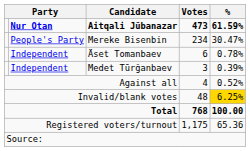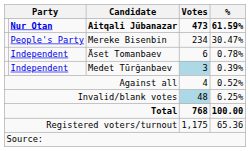 <table class="wikitable" style="text-align:right;">
 <tr>
 <th colspan="2">Party</th>
 <th scope="col">Candidate</th>
 <th scope="col">Votes</th>
 <th scope="col">%</th>
 </tr>
 <tr>
 <td style="background-color:"></td>
 <td rowspan="1" style="text-align:left;" scope="row"><strong><a href='#'>Nur Otan</a></strong></td>
 <td style="text-align: left;"><strong>Aitqali Jūbanazar</strong></td>
 <td><strong>473</strong></td>
 <td><strong>61.59%</strong></td>
 </tr>
 <tr>
 <td style="background-color:"></td>
 <td rowspan="1" style="text-align:left;" scope="row"><a href='#'>People's Party</a></td>
 <td style="text-align: left;">Mereke Bisenbin</td>
 <td>234</td>
 <td>30.47%</td>
 </tr>
 <tr>
 <td style="background-color:"></td>
 <td rowspan="1" style="text-align: left;" scope="row"><a href='#'>Independent</a></td>
 <td style="text-align: left;">Äset Tomanbaev</td>
 <td>6</td>
 <td>0.78%</td>
 </tr>
 <tr>
 <td style="background-color:"></td>
 <td rowspan="1" style="text-align: left;" scope="row"><a href='#'>Independent</a></td>
 <td style="text-align: left;">Medet Tūrğanbaev</td>
-<td>3</td>
+<td style="background: lightblue;">3</td>
 <td>0.39%</td>
 </tr>
 <tr>
 <td colspan="3">Against all</td>
 <td>4</td>
 <td>0.52%</td>
 </tr>
 <tr>
 <td colspan="3" rowspan="1">Invalid/blank votes</td>
-<td>48</td>
-<td style="background: gold;">6.25%</td>
+<td style="background: lightblue;">48</td>
+<td>6.25%</td>
 </tr>
 <tr>
 <td colspan="3"><strong>Total</strong></td>
 <td><strong>768</strong></td>
 <td><strong>100.00</strong></td>
 </tr>
 <tr>
 <td colspan="3">Registered voters/turnout</td>
 <td>1,175</td>
 <td>65.36</td>
 </tr>
 <tr>
 <td colspan="5" style="text-align: left;">Source:   </td>
 </tr>
 </table>
